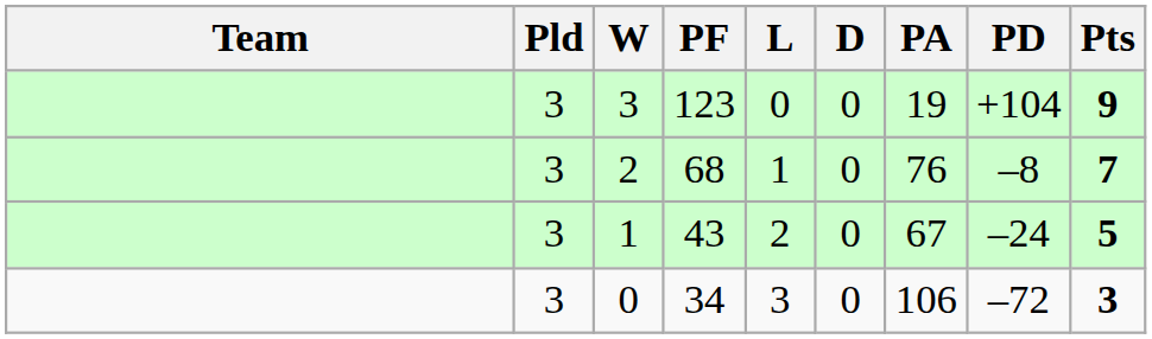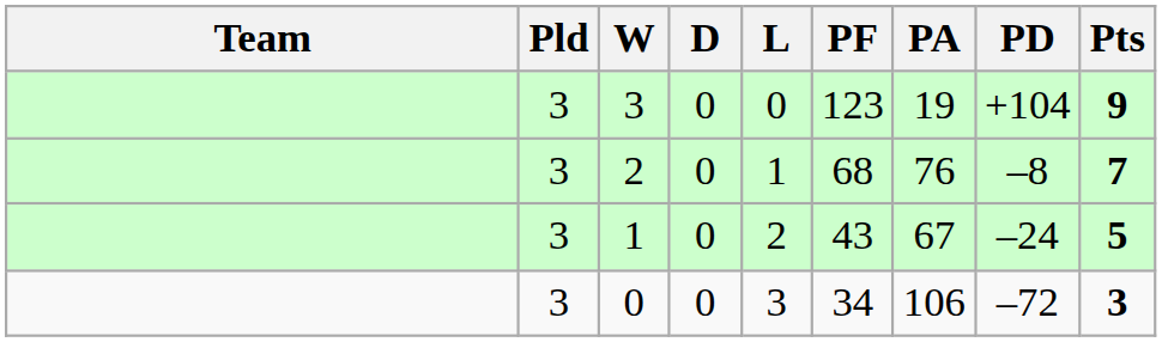 <table class="wikitable" style="text-align:center;">
 <tr>
 <th width="190">Team</th>
 <th width="20" abbr="Played">Pld</th>
 <th width="20" abbr="Won">W</th>
+<th width="20" abbr="Drawn">D</th>
+<th width="20" abbr="Lost">L</th>
 <th width="20" abbr="Points for">PF</th>
-<th width="20" abbr="Lost">L</th>
-<th width="20" abbr="Drawn">D</th>
 <th width="20" abbr="Points against">PA</th>
 <th width="25" abbr="Points difference">PD</th>
 <th width="20" abbr="Points">Pts</th>
 </tr>
 <tr style="background:#ccffcc">
 <td align="left"></td>
 <td>3</td>
 <td>3</td>
-<td>123</td>
 <td>0</td>
 <td>0</td>
+<td>123</td>
 <td>19</td>
 <td>+104</td>
 <td><strong>9</strong></td>
 </tr>
 <tr style="background:#ccffcc">
 <td align="left"></td>
 <td>3</td>
 <td>2</td>
+<td>0</td>
+<td>1</td>
 <td>68</td>
-<td>1</td>
-<td>0</td>
 <td>76</td>
 <td>–8</td>
 <td><strong>7</strong></td>
 </tr>
 <tr style="background:#ccffcc">
 <td align="left"></td>
 <td>3</td>
 <td>1</td>
+<td>0</td>
+<td>2</td>
 <td>43</td>
-<td>2</td>
-<td>0</td>
 <td>67</td>
 <td>–24</td>
 <td><strong>5</strong></td>
 </tr>
 <tr style="background:">
 <td align="left"></td>
 <td>3</td>
 <td>0</td>
+<td>0</td>
+<td>3</td>
 <td>34</td>
-<td>3</td>
-<td>0</td>
 <td>106</td>
 <td>–72</td>
 <td><strong>3</strong></td>
 </tr>
 </table>
